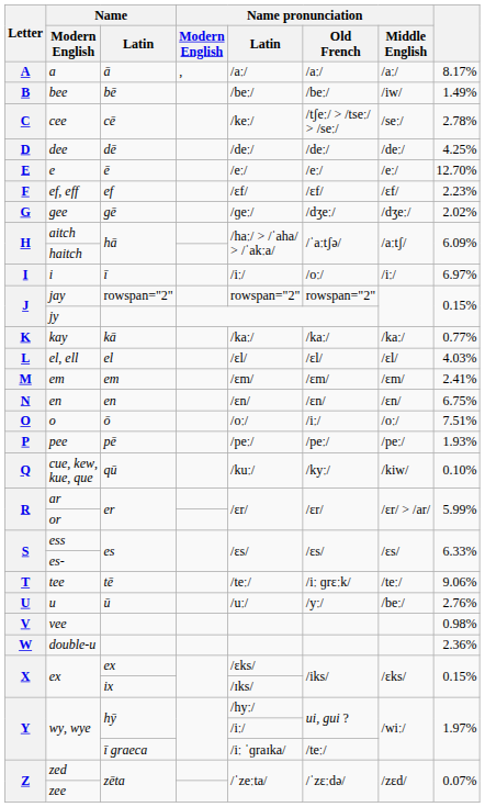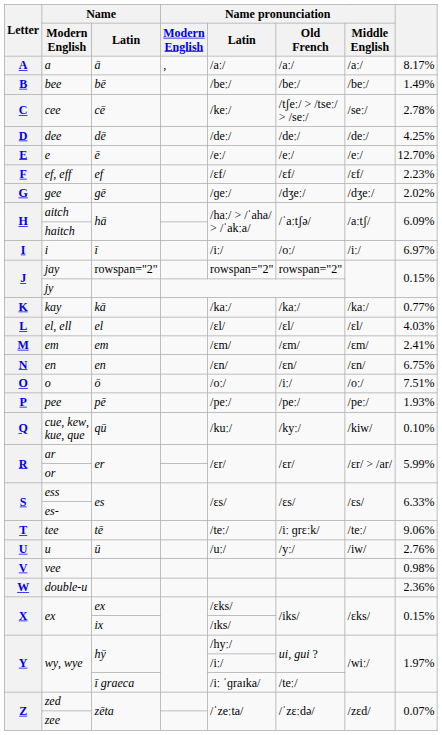 <table class="wikitable sortable">
 <tr>
 <th rowspan="2" scope="col">Letter</th>
 <th colspan="2" scope="colgroup">Name</th>
 <th colspan="4" scope="colgroup">Name pronunciation</th>
 <th rowspan="2" scope="col"></th>
 </tr>
 <tr>
 <th scope="col">Modern<br>English</th>
 <th scope="col">Latin</th>
 <th scope="col"><a href='#'>Modern<br>English</a></th>
 <th scope="col">Latin</th>
 <th scope="col">Old<br>French</th>
 <th scope="col">Middle<br>English</th>
 </tr>
 <tr>
 <th scope="row"><a href='#'>A</a></th>
 <td><em>a</em></td>
 <td><em>ā</em></td>
 <td>, </td>
 <td>/aː/</td>
 <td>/aː/</td>
 <td>/aː/</td>
 <td style="text-align:right;">8.17%</td>
 </tr>
 <tr>
 <th scope="row"><a href='#'>B</a></th>
 <td><em>bee</em></td>
 <td><em>bē</em></td>
 <td></td>
 <td>/beː/</td>
 <td>/beː/</td>
-<td>/iw/</td>
+<td>/beː/</td>
 <td style="text-align:right;">1.49%</td>
 </tr>
 <tr>
 <th scope="row"><a href='#'>C</a></th>
 <td><em>cee</em></td>
 <td><em>cē</em></td>
 <td></td>
 <td>/keː/</td>
 <td>/tʃeː/ > /tseː/<br>> /seː/</td>
 <td>/seː/</td>
 <td style="text-align:right;">2.78%</td>
 </tr>
 <tr>
 <th scope="row"><a href='#'>D</a></th>
 <td><em>dee</em></td>
 <td><em>dē</em></td>
 <td></td>
 <td>/deː/</td>
 <td>/deː/</td>
 <td>/deː/</td>
 <td style="text-align:right;">4.25%</td>
 </tr>
 <tr>
 <th scope="row"><a href='#'>E</a></th>
 <td><em>e</em></td>
 <td><em>ē</em></td>
 <td></td>
 <td>/eː/</td>
 <td>/eː/</td>
 <td>/eː/</td>
 <td style="text-align:right;">12.70%</td>
 </tr>
 <tr>
 <th scope="row"><a href='#'>F</a></th>
 <td><em>ef</em>, <em>eff</em></td>
 <td><em>ef</em></td>
 <td></td>
 <td>/ɛf/</td>
 <td>/ɛf/</td>
 <td>/ɛf/</td>
 <td style="text-align:right;">2.23%</td>
 </tr>
 <tr>
 <th scope="row"><a href='#'>G</a></th>
 <td><em>gee</em></td>
 <td><em>gē</em></td>
 <td></td>
 <td>/ɡeː/</td>
 <td>/dʒeː/</td>
 <td>/dʒeː/</td>
 <td style="text-align:right;">2.02%</td>
 </tr>
 <tr>
 <th scope="row" rowspan="2"><a href='#'>H</a></th>
 <td><em>aitch</em></td>
 <td rowspan="2"><em>hā</em></td>
 <td></td>
 <td rowspan="2">/haː/ > /ˈaha/<br>> /ˈakːa/</td>
 <td rowspan="2">/ˈaːtʃə/</td>
 <td rowspan="2">/aːtʃ/</td>
 <td rowspan="2" style="text-align:right;">6.09%</td>
 </tr>
 <tr>
 <td><em>haitch</em></td>
 <td></td>
 </tr>
 <tr>
 <th scope="row"><a href='#'>I</a></th>
 <td><em>i</em></td>
 <td><em>ī</em></td>
 <td></td>
 <td>/iː/</td>
 <td>/oː/</td>
 <td>/iː/</td>
 <td style="text-align:right;">6.97%</td>
 </tr>
 <tr>
 <th scope="row" rowspan="2"><a href='#'>J</a></th>
 <td><em>jay</em></td>
 <td>rowspan="2" </td>
 <td></td>
 <td>rowspan="2" </td>
 <td>rowspan="2" </td>
 <td rowspan="2"></td>
 <td rowspan="2" style="text-align:right;">0.15%</td>
 </tr>
 <tr>
 <td><em>jy</em></td>
 <td></td>
 </tr>
 <tr>
 <th scope="row"><a href='#'>K</a></th>
 <td><em>kay</em></td>
 <td><em>kā</em></td>
 <td></td>
 <td>/kaː/</td>
 <td>/kaː/</td>
 <td>/kaː/</td>
 <td style="text-align:right;">0.77%</td>
 </tr>
 <tr>
 <th scope="row"><a href='#'>L</a></th>
 <td><em>el</em>, <em>ell</em></td>
 <td><em>el</em></td>
 <td></td>
 <td>/ɛl/</td>
 <td>/ɛl/</td>
 <td>/ɛl/</td>
 <td style="text-align:right;">4.03%</td>
 </tr>
 <tr>
 <th scope="row"><a href='#'>M</a></th>
 <td><em>em</em></td>
 <td><em>em</em></td>
 <td></td>
 <td>/ɛm/</td>
 <td>/ɛm/</td>
 <td>/ɛm/</td>
 <td style="text-align:right;">2.41%</td>
 </tr>
 <tr>
 <th scope="row"><a href='#'>N</a></th>
 <td><em>en</em></td>
 <td><em>en</em></td>
 <td></td>
 <td>/ɛn/</td>
 <td>/ɛn/</td>
 <td>/ɛn/</td>
 <td style="text-align:right;">6.75%</td>
 </tr>
 <tr>
 <th scope="row"><a href='#'>O</a></th>
 <td><em>o</em></td>
 <td><em>ō</em></td>
 <td></td>
 <td>/oː/</td>
 <td>/iː/</td>
 <td>/oː/</td>
 <td style="text-align:right;">7.51%</td>
 </tr>
 <tr>
 <th scope="row"><a href='#'>P</a></th>
 <td><em>pee</em></td>
 <td><em>pē</em></td>
 <td></td>
 <td>/peː/</td>
 <td>/peː/</td>
 <td>/peː/</td>
 <td style="text-align:right;">1.93%</td>
 </tr>
 <tr>
 <th scope="row"><a href='#'>Q</a></th>
 <td><em>cue</em>, <em>kew</em>,<br><em>kue</em>, <em>que</em></td>
 <td><em>qū</em></td>
 <td></td>
 <td>/kuː/</td>
 <td>/kyː/</td>
 <td>/kiw/</td>
 <td style="text-align:right;">0.10%</td>
 </tr>
 <tr>
 <th scope="row" rowspan="2"><a href='#'>R</a></th>
 <td><em>ar</em></td>
 <td rowspan="2"><em>er</em></td>
 <td></td>
 <td rowspan="2">/ɛr/</td>
 <td rowspan="2">/ɛr/</td>
 <td rowspan="2">/ɛr/ > /ar/</td>
 <td rowspan="2" style="text-align:right;">5.99%</td>
 </tr>
 <tr>
 <td><em>or</em></td>
 <td></td>
 </tr>
 <tr>
 <th scope="row" rowspan="2"><a href='#'>S</a></th>
 <td><em>ess</em></td>
 <td rowspan="2"><em>es</em></td>
 <td rowspan="2"></td>
 <td rowspan="2">/ɛs/</td>
 <td rowspan="2">/ɛs/</td>
 <td rowspan="2">/ɛs/</td>
 <td rowspan="2" style="text-align:right;">6.33%</td>
 </tr>
 <tr>
 <td><em>es-</em></td>
 </tr>
 <tr>
 <th scope="row"><a href='#'>T</a></th>
 <td><em>tee</em></td>
 <td><em>tē</em></td>
 <td></td>
 <td>/teː/</td>
 <td>/iː ɡrɛːk/</td>
 <td>/teː/</td>
 <td style="text-align:right;">9.06%</td>
 </tr>
 <tr>
 <th scope="row"><a href='#'>U</a></th>
 <td><em>u</em></td>
 <td><em>ū</em></td>
 <td></td>
 <td>/uː/</td>
 <td>/yː/</td>
-<td>/beː/</td>
+<td>/iw/</td>
 <td style="text-align:right;">2.76%</td>
 </tr>
 <tr>
 <th scope="row"><a href='#'>V</a></th>
 <td><em>vee</em></td>
 <td></td>
 <td></td>
 <td></td>
 <td></td>
 <td></td>
 <td style="text-align:right;">0.98%</td>
 </tr>
 <tr>
 <th scope="row"><a href='#'>W</a></th>
 <td><em>double-u</em></td>
 <td></td>
 <td></td>
 <td></td>
 <td></td>
 <td></td>
 <td style="text-align:right;">2.36%</td>
 </tr>
 <tr>
 <th scope="row" rowspan="2"><a href='#'>X</a></th>
 <td rowspan="2"><em>ex</em></td>
 <td><em>ex</em></td>
 <td rowspan="2"></td>
 <td>/ɛks/</td>
 <td rowspan="2">/iks/</td>
 <td rowspan="2">/ɛks/</td>
 <td rowspan="2" style="text-align:right;">0.15%</td>
 </tr>
 <tr>
 <td><em>ix</em></td>
 <td>/ɪks/</td>
 </tr>
 <tr>
 <th scope="row" rowspan="3"><a href='#'>Y</a></th>
 <td rowspan="3"><em>wy</em>, <em>wye</em></td>
 <td rowspan="2"><em>hȳ</em></td>
 <td rowspan="3"></td>
 <td>/hyː/</td>
 <td rowspan="2"><em>ui, gui</em> ?</td>
 <td rowspan="3">/wiː/</td>
 <td rowspan="3" style="text-align:right;">1.97%</td>
 </tr>
 <tr>
 <td>/iː/</td>
 </tr>
 <tr>
 <td><em>ī graeca</em></td>
 <td>/iː ˈɡraɪka/</td>
 <td>/teː/</td>
 </tr>
 <tr>
 <th scope="row" rowspan="2"><a href='#'>Z</a></th>
 <td><em>zed</em></td>
 <td rowspan="2"><em>zēta</em></td>
 <td></td>
 <td rowspan="2">/ˈzeːta/</td>
 <td rowspan="2">/ˈzɛːdə/</td>
 <td rowspan="2">/zɛd/</td>
 <td rowspan="2"  style="text-align:right;">0.07%</td>
 </tr>
 <tr>
 <td><em>zee</em></td>
 <td></td>
 </tr>
 </table>
